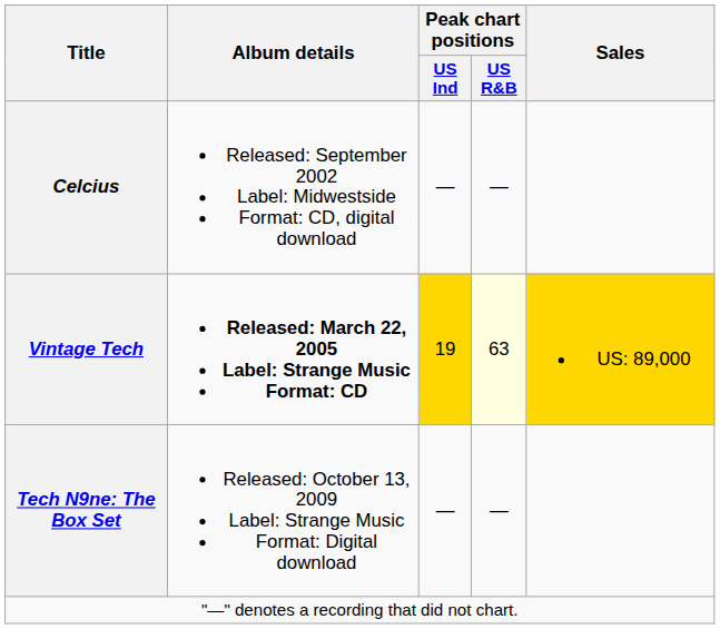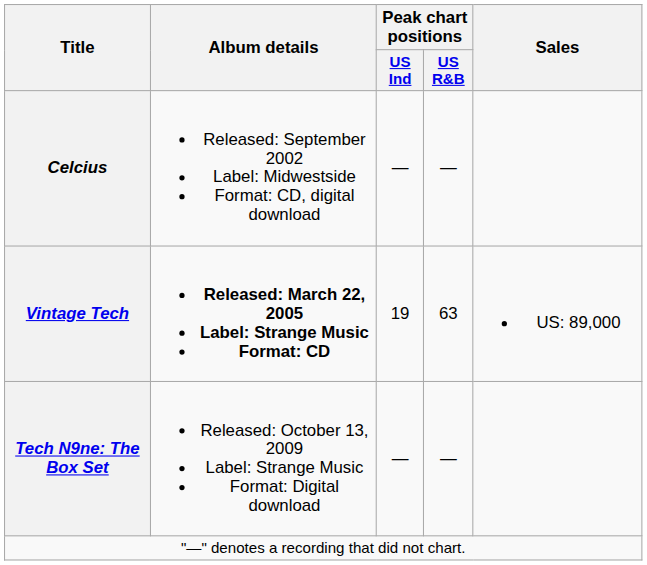 <table class="wikitable plainrowheaders" style="text-align:center;">
 <tr>
 <th scope="col" rowspan="2" style="width:11em;">Title</th>
 <th scope="col" rowspan="2" style="width:16em;">Album details</th>
 <th scope="col" colspan="2">Peak chart positions</th>
 <th scope="col" rowspan="2" style="width:12em;">Sales</th>
 </tr>
 <tr>
 <th style="width:3em;font-size:90%;"><a href='#'>US<br>Ind</a><br></th>
 <th style="width:3em;font-size:90%;"><a href='#'>US<br>R&B</a><br></th>
 </tr>
 <tr>
 <th scope="row"><em>Celcius</em></th>
 <td><br><ul><li>Released: September 2002</li><li>Label: Midwestside</li><li>Format: CD, digital download</li></ul></td>
 <td>—</td>
 <td>—</td>
 <td></td>
 </tr>
 <tr>
 <th scope="row"><em><a href='#'>Vintage Tech</a></em></th>
 <td><strong><br><ul><li>Released: March 22, 2005</li><li>Label: Strange Music</li><li>Format: CD</li></ul></strong></td>
-<td style="background: gold;">19</td>
-<td style="background: lightyellow;">63</td>
-<td style="background: gold;"><br><ul><li>US: 89,000</li></ul></td>
+<td>19</td>
+<td>63</td>
+<td><br><ul><li>US: 89,000</li></ul></td>
 </tr>
 <tr>
 <th scope="row"><em><a href='#'>Tech N9ne: The Box Set</a></em></th>
 <td><br><ul><li>Released: October 13, 2009</li><li>Label: Strange Music</li><li>Format: Digital download</li></ul></td>
 <td>—</td>
 <td>—</td>
 <td></td>
 </tr>
 <tr>
 <td colspan="8" style="font-size:90%">"—" denotes a recording that did not chart.</td>
 </tr>
 </table>
